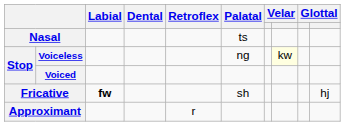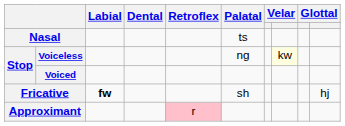 <table class="wikitable" style="text-align:center;">
 <tr>
 <th colspan="2" rowspan="2"></th>
 <th rowspan="2"><a href='#'>Labial</a></th>
 <th rowspan="2"><a href='#'>Dental</a></th>
 <th rowspan="2"><a href='#'>Retroflex</a></th>
 <th rowspan="2"><a href='#'>Palatal</a></th>
 <th colspan="2"><a href='#'>Velar</a></th>
 <th colspan="2"><a href='#'>Glottal</a></th>
 </tr>
 <tr>
 <th></th>
 <th></th>
 <th></th>
 <th></th>
 </tr>
 <tr>
 <th colspan="2"><a href='#'>Nasal</a></th>
 <td></td>
 <td></td>
 <td></td>
 <td>ts  </td>
 <td></td>
 <td></td>
 <td></td>
 <td></td>
 </tr>
 <tr>
 <th rowspan="2"><a href='#'>Stop</a></th>
 <th><small><a href='#'>Voiceless</a></small></th>
 <td></td>
 <td></td>
 <td></td>
 <td>ng </td>
 <td></td>
 <td style="background: lightyellow;">kw </td>
 <td></td>
 <td></td>
 </tr>
 <tr>
 <th><small><a href='#'>Voiced</a></small></th>
 <td></td>
 <td></td>
 <td></td>
 <td></td>
 <td></td>
 <td></td>
 <td></td>
 <td></td>
 </tr>
 <tr>
 <th colspan="2"><a href='#'>Fricative</a></th>
 <td><strong>fw </strong></td>
 <td></td>
 <td></td>
 <td>sh </td>
 <td></td>
 <td></td>
 <td></td>
 <td>hj </td>
 </tr>
 <tr>
 <th colspan="2"><a href='#'>Approximant</a></th>
 <td></td>
 <td></td>
-<td>r </td>
+<td style="background: pink;">r </td>
 <td></td>
 <td></td>
 <td></td>
 <td></td>
 <td></td>
 </tr>
 </table>
